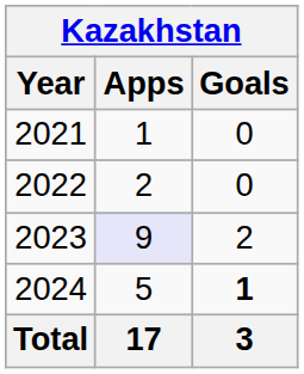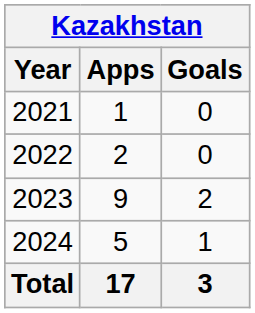 <table class="wikitable" style="text-align:center">
 <tr>
 <th colspan=3><a href='#'>Kazakhstan</a></th>
 </tr>
 <tr>
 <th>Year</th>
 <th>Apps</th>
 <th>Goals</th>
 </tr>
 <tr>
 <td>2021</td>
 <td>1</td>
 <td>0</td>
 </tr>
 <tr>
 <td>2022</td>
 <td>2</td>
 <td>0</td>
 </tr>
 <tr>
 <td>2023</td>
-<td style="background: lavender;">9</td>
+<td>9</td>
 <td>2</td>
 </tr>
 <tr>
 <td>2024</td>
 <td>5</td>
-<td><strong>1</strong></td>
+<td>1</td>
 </tr>
 <tr>
 <th>Total</th>
 <th>17</th>
 <th>3</th>
 </tr>
 </table>
